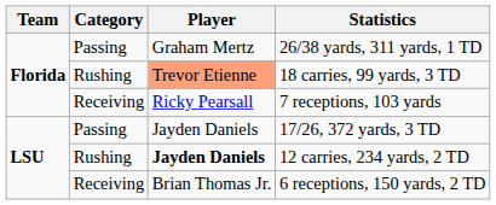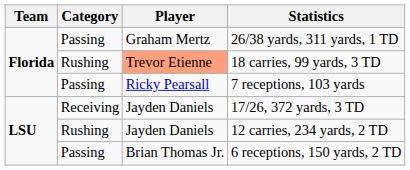 <table class="wikitable" style="float: right;">
 <tr>
 <th>Team</th>
 <th>Category</th>
 <th>Player</th>
 <th>Statistics</th>
 </tr>
 <tr>
 <td rowspan=3><strong>Florida</strong></td>
 <td>Passing</td>
 <td>Graham Mertz</td>
 <td>26/38 yards, 311 yards, 1 TD</td>
 </tr>
 <tr>
 <td>Rushing</td>
 <td style="background: lightsalmon;">Trevor Etienne</td>
 <td>18 carries, 99 yards, 3 TD</td>
 </tr>
 <tr>
-<td>Receiving</td>
+<td>Passing</td>
 <td><a href='#'>Ricky Pearsall</a></td>
 <td>7 receptions, 103 yards</td>
 </tr>
 <tr>
 <td rowspan=3><strong>LSU</strong></td>
-<td>Passing</td>
+<td>Receiving</td>
 <td>Jayden Daniels</td>
 <td>17/26, 372 yards, 3 TD</td>
 </tr>
 <tr>
 <td>Rushing</td>
-<td><strong>Jayden Daniels</strong></td>
+<td>Jayden Daniels</td>
 <td>12 carries, 234 yards, 2 TD</td>
 </tr>
 <tr>
-<td>Receiving</td>
+<td>Passing</td>
 <td>Brian Thomas Jr.</td>
 <td>6 receptions, 150 yards, 2 TD</td>
 </tr>
 </table>
